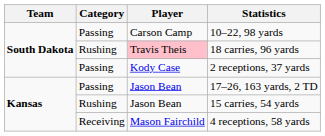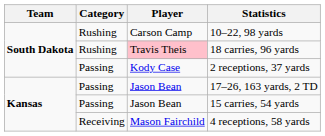 <table class="wikitable" style="float: right;">
 <tr>
 <th>Team</th>
 <th>Category</th>
 <th>Player</th>
 <th>Statistics</th>
 </tr>
 <tr>
 <td rowspan=3><strong>South Dakota</strong></td>
-<td>Passing</td>
+<td>Rushing</td>
 <td>Carson Camp</td>
 <td>10–22, 98 yards</td>
 </tr>
 <tr>
 <td>Rushing</td>
 <td style="background: pink;">Travis Theis</td>
 <td>18 carries, 96 yards</td>
 </tr>
 <tr>
 <td>Passing</td>
 <td><a href='#'>Kody Case</a></td>
 <td>2 receptions, 37 yards</td>
 </tr>
 <tr>
 <td rowspan=3><strong>Kansas</strong></td>
 <td>Passing</td>
 <td><a href='#'>Jason Bean</a></td>
 <td>17–26, 163 yards, 2 TD</td>
 </tr>
 <tr>
-<td>Rushing</td>
+<td>Passing</td>
 <td>Jason Bean</td>
 <td>15 carries, 54 yards</td>
 </tr>
 <tr>
 <td>Receiving</td>
 <td><a href='#'>Mason Fairchild</a></td>
 <td>4 receptions, 58 yards</td>
 </tr>
 </table>
